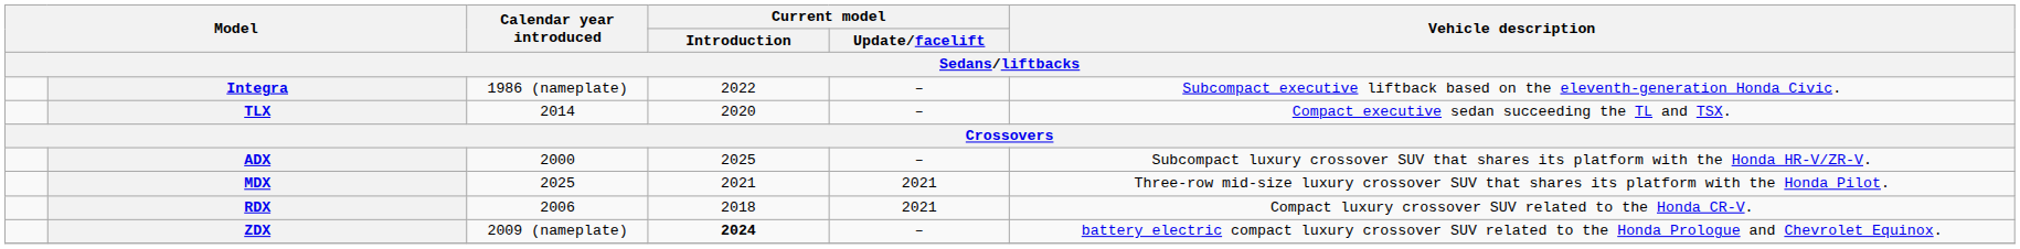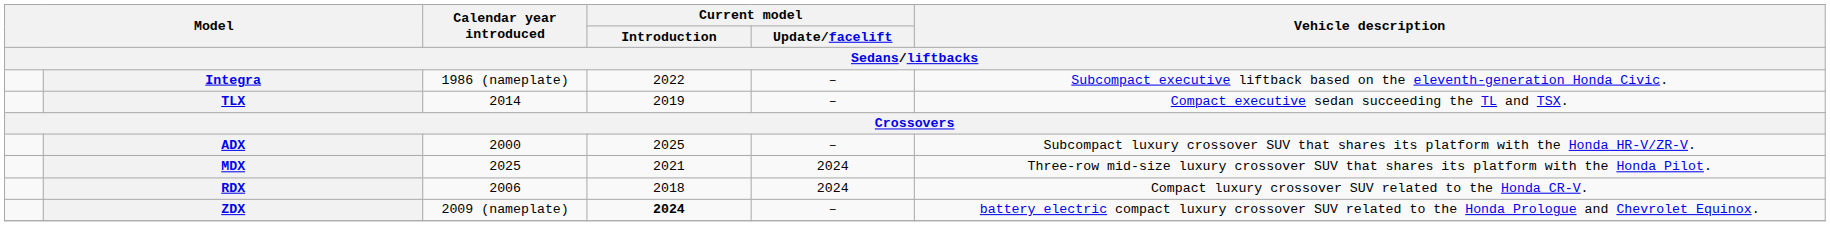 <table class="wikitable sortable" style="text-align: center; width: 90%">
 <tr>
 <th colspan="2" rowspan="2">Model</th>
 <th rowspan="2" width="9%">Calendar year<br>introduced</th>
 <th scope="col" colspan=2>Current model</th>
 <th rowspan="2" width="50%" cellpadding="32px">Vehicle description</th>
 </tr>
 <tr>
 <th width="9%">Introduction</th>
 <th width="9%">Update/<a href='#'>facelift</a></th>
 </tr>
 <tr>
 <th style=:"background-color:#e0e0e0;" colspan="7"><strong><a href='#'>Sedans</a>/<a href='#'>liftbacks</a></strong></th>
 </tr>
 <tr>
 <td></td>
 <th><a href='#'>Integra</a></th>
 <td>1986 (nameplate)</td>
 <td>2022</td>
 <td>–</td>
 <td><a href='#'>Subcompact executive</a> liftback based on the <a href='#'>eleventh-generation Honda Civic</a>.</td>
 </tr>
 <tr>
 <td></td>
 <th><a href='#'>TLX</a></th>
 <td>2014</td>
-<td>2020</td>
+<td>2019</td>
 <td>–</td>
 <td><a href='#'>Compact executive</a> sedan succeeding the <a href='#'>TL</a> and <a href='#'>TSX</a>.</td>
 </tr>
 <tr>
 <th style=:"background-color:#e0e0e0;" colspan="7"><strong><a href='#'>Crossovers</a></strong></th>
 </tr>
 <tr>
 <td></td>
 <th><a href='#'>ADX</a></th>
 <td>2000</td>
 <td>2025</td>
 <td>–</td>
 <td>Subcompact luxury crossover SUV that shares its platform with the  <a href='#'>Honda HR-V/ZR-V</a>.</td>
 </tr>
 <tr>
 <td></td>
 <th><a href='#'>MDX</a></th>
 <td>2025</td>
 <td>2021</td>
-<td>2021</td>
+<td>2024</td>
 <td>Three-row mid-size luxury crossover SUV that shares its platform with the <a href='#'>Honda Pilot</a>.</td>
 </tr>
 <tr>
 <td></td>
 <th><a href='#'>RDX</a></th>
 <td>2006</td>
 <td>2018</td>
-<td>2021</td>
+<td>2024</td>
 <td>Compact luxury crossover SUV related to the <a href='#'>Honda CR-V</a>.</td>
 </tr>
 <tr>
 <td></td>
 <th><a href='#'>ZDX</a></th>
 <td>2009 (nameplate)</td>
 <td><strong>2024</strong></td>
 <td>–</td>
 <td><a href='#'>battery electric</a> compact luxury crossover SUV related to the <a href='#'>Honda Prologue</a> and <a href='#'>Chevrolet Equinox</a>.</td>
 </tr>
 <tr>
 </tr>
 </table>
